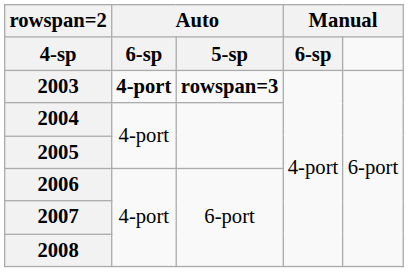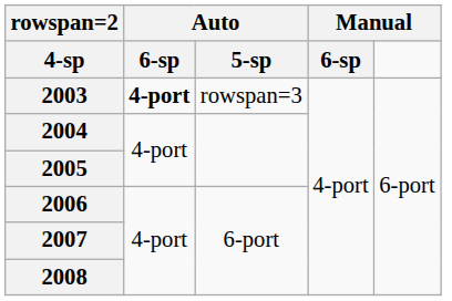 <table class="wikitable" style="font-size:100%;text-align:center;">
 <tr>
 <th>rowspan=2 </th>
 <th colspan=2>Auto</th>
 <th colspan=2>Manual</th>
 </tr>
 <tr>
 <th>4-sp</th>
 <th>6-sp</th>
 <th>5-sp</th>
 <th>6-sp</th>
 </tr>
 <tr>
 <th>2003</th>
 <td><strong>4-port</strong></td>
-<td><strong>rowspan=3 </strong></td>
+<td>rowspan=3 </td>
 <td rowspan=6>4-port</td>
 <td rowspan=6>6-port</td>
 </tr>
 <tr>
 <th>2004</th>
 <td rowspan=2>4-port</td>
 </tr>
 <tr>
 <th>2005</th>
 </tr>
 <tr>
 <th>2006</th>
 <td rowspan=3>4-port</td>
 <td rowspan=3>6-port</td>
 </tr>
 <tr>
 <th>2007</th>
 </tr>
 <tr>
 <th>2008</th>
 </tr>
 </table>
